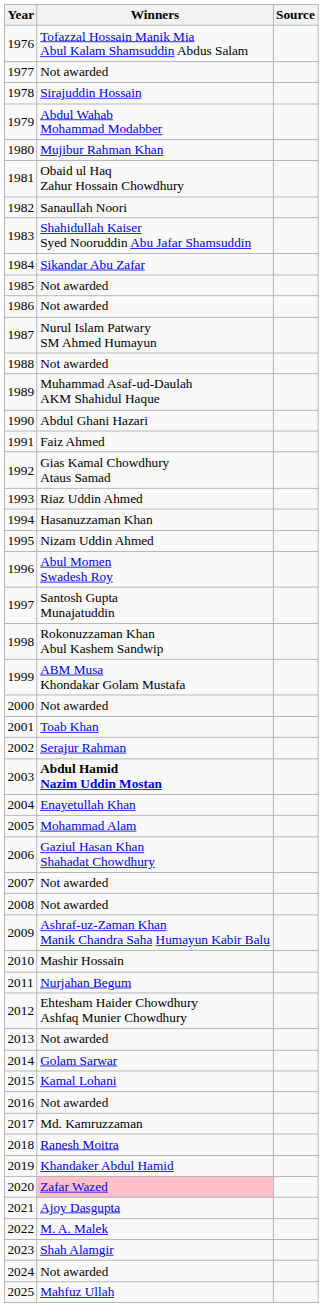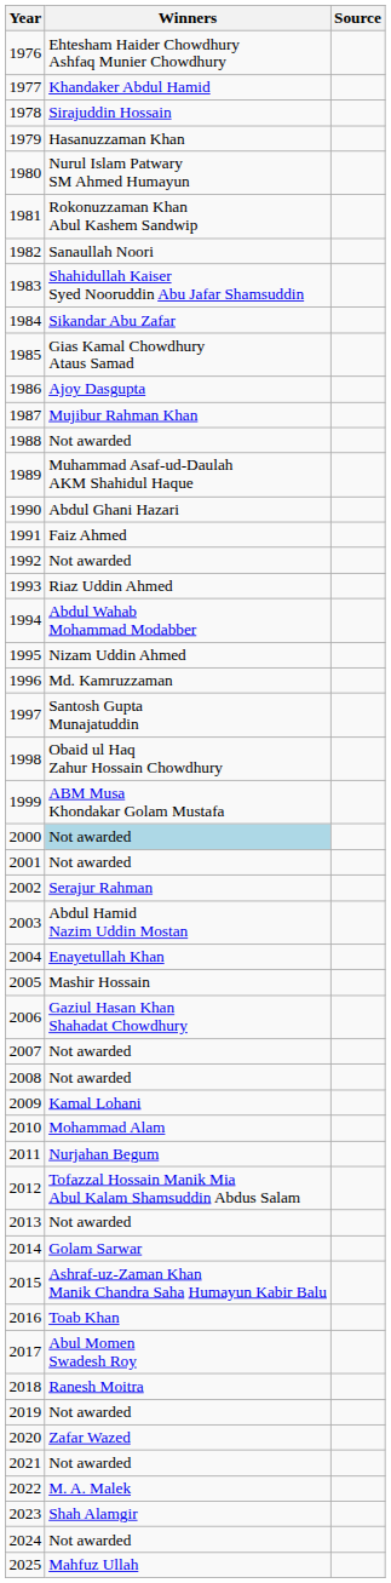 <table class="wikitable">
 <tr>
 <th>Year</th>
 <th>Winners</th>
 <th>Source</th>
 </tr>
 <tr>
 <td>1976</td>
-<td><a href='#'>Tofazzal Hossain Manik Mia</a><br><a href='#'>Abul Kalam Shamsuddin</a> Abdus Salam</td>
+<td>Ehtesham Haider Chowdhury<br>Ashfaq Munier Chowdhury</td>
 <td></td>
 </tr>
 <tr>
 <td>1977</td>
-<td>Not awarded</td>
+<td><a href='#'>Khandaker Abdul Hamid</a></td>
 <td></td>
 </tr>
 <tr>
 <td>1978</td>
 <td><a href='#'>Sirajuddin Hossain</a></td>
 <td></td>
 </tr>
 <tr>
 <td>1979</td>
-<td><a href='#'>Abdul Wahab</a><br><a href='#'>Mohammad Modabber</a></td>
+<td>Hasanuzzaman Khan</td>
 <td></td>
 </tr>
 <tr>
 <td>1980</td>
-<td><a href='#'>Mujibur Rahman Khan</a></td>
+<td>Nurul Islam Patwary<br>SM Ahmed Humayun</td>
 <td></td>
 </tr>
 <tr>
 <td>1981</td>
-<td>Obaid ul Haq<br>Zahur Hossain Chowdhury</td>
+<td>Rokonuzzaman Khan<br>Abul Kashem Sandwip</td>
 <td></td>
 </tr>
 <tr>
 <td>1982</td>
 <td>Sanaullah Noori</td>
 <td></td>
 </tr>
 <tr>
 <td>1983</td>
 <td><a href='#'>Shahidullah Kaiser</a><br>Syed Nooruddin <a href='#'>Abu Jafar Shamsuddin</a></td>
 <td></td>
 </tr>
 <tr>
 <td>1984</td>
 <td><a href='#'>Sikandar Abu Zafar</a></td>
 <td></td>
 </tr>
 <tr>
 <td>1985</td>
-<td>Not awarded</td>
+<td>Gias Kamal Chowdhury<br>Ataus Samad</td>
 <td></td>
 </tr>
 <tr>
 <td>1986</td>
-<td>Not awarded</td>
+<td><a href='#'>Ajoy Dasgupta</a></td>
 <td></td>
 </tr>
 <tr>
 <td>1987</td>
-<td>Nurul Islam Patwary<br>SM Ahmed Humayun</td>
+<td><a href='#'>Mujibur Rahman Khan</a></td>
 <td></td>
 </tr>
 <tr>
 <td>1988</td>
 <td>Not awarded</td>
 <td></td>
 </tr>
 <tr>
 <td>1989</td>
 <td>Muhammad Asaf-ud-Daulah<br>AKM Shahidul Haque</td>
 <td></td>
 </tr>
 <tr>
 <td>1990</td>
 <td>Abdul Ghani Hazari</td>
 <td></td>
 </tr>
 <tr>
 <td>1991</td>
 <td>Faiz Ahmed</td>
 <td></td>
 </tr>
 <tr>
 <td>1992</td>
-<td>Gias Kamal Chowdhury<br>Ataus Samad</td>
+<td>Not awarded</td>
 <td></td>
 </tr>
 <tr>
 <td>1993</td>
 <td>Riaz Uddin Ahmed</td>
 <td></td>
 </tr>
 <tr>
 <td>1994</td>
-<td>Hasanuzzaman Khan</td>
+<td><a href='#'>Abdul Wahab</a><br><a href='#'>Mohammad Modabber</a></td>
 <td></td>
 </tr>
 <tr>
 <td>1995</td>
 <td>Nizam Uddin Ahmed</td>
 <td></td>
 </tr>
 <tr>
 <td>1996</td>
-<td><a href='#'>Abul Momen</a><br><a href='#'>Swadesh Roy</a></td>
+<td>Md. Kamruzzaman</td>
 <td></td>
 </tr>
 <tr>
 <td>1997</td>
 <td>Santosh Gupta<br>Munajatuddin</td>
 <td></td>
 </tr>
 <tr>
 <td>1998</td>
-<td>Rokonuzzaman Khan<br>Abul Kashem Sandwip</td>
+<td>Obaid ul Haq<br>Zahur Hossain Chowdhury</td>
 <td></td>
 </tr>
 <tr>
 <td>1999</td>
 <td><a href='#'>ABM Musa</a><br>Khondakar Golam Mustafa</td>
 <td></td>
 </tr>
 <tr>
 <td>2000</td>
-<td>Not awarded</td>
+<td style="background: lightblue;">Not awarded</td>
 <td></td>
 </tr>
 <tr>
 <td>2001</td>
-<td><a href='#'>Toab Khan</a></td>
+<td>Not awarded</td>
 <td></td>
 </tr>
 <tr>
 <td>2002</td>
 <td><a href='#'>Serajur Rahman</a></td>
 <td></td>
 </tr>
 <tr>
 <td>2003</td>
-<td><strong>Abdul Hamid<br><a href='#'>Nazim Uddin Mostan</a></strong></td>
+<td>Abdul Hamid<br><a href='#'>Nazim Uddin Mostan</a></td>
 <td></td>
 </tr>
 <tr>
 <td>2004</td>
 <td><a href='#'>Enayetullah Khan</a></td>
 <td></td>
 </tr>
 <tr>
 <td>2005</td>
-<td><a href='#'>Mohammad Alam</a></td>
+<td>Mashir Hossain</td>
 <td></td>
 </tr>
 <tr>
 <td>2006</td>
 <td><a href='#'>Gaziul Hasan Khan</a><br><a href='#'>Shahadat Chowdhury</a></td>
 <td></td>
 </tr>
 <tr>
 <td>2007</td>
 <td>Not awarded</td>
 <td></td>
 </tr>
 <tr>
 <td>2008</td>
 <td>Not awarded</td>
 <td></td>
 </tr>
 <tr>
 <td>2009</td>
-<td><a href='#'>Ashraf-uz-Zaman Khan</a><br><a href='#'>Manik Chandra Saha</a> <a href='#'>Humayun Kabir Balu</a></td>
+<td><a href='#'>Kamal Lohani</a></td>
 <td></td>
 </tr>
 <tr>
 <td>2010</td>
-<td>Mashir Hossain</td>
+<td><a href='#'>Mohammad Alam</a></td>
 <td></td>
 </tr>
 <tr>
 <td>2011</td>
 <td><a href='#'>Nurjahan Begum</a></td>
 <td></td>
 </tr>
 <tr>
 <td>2012</td>
-<td>Ehtesham Haider Chowdhury<br>Ashfaq Munier Chowdhury</td>
+<td><a href='#'>Tofazzal Hossain Manik Mia</a><br><a href='#'>Abul Kalam Shamsuddin</a> Abdus Salam</td>
 <td></td>
 </tr>
 <tr>
 <td>2013</td>
 <td>Not awarded</td>
 <td></td>
 </tr>
 <tr>
 <td>2014</td>
 <td><a href='#'>Golam Sarwar</a></td>
 <td></td>
 </tr>
 <tr>
 <td>2015</td>
-<td><a href='#'>Kamal Lohani</a></td>
+<td><a href='#'>Ashraf-uz-Zaman Khan</a><br><a href='#'>Manik Chandra Saha</a> <a href='#'>Humayun Kabir Balu</a></td>
 <td></td>
 </tr>
 <tr>
 <td>2016</td>
-<td>Not awarded</td>
+<td><a href='#'>Toab Khan</a></td>
 <td></td>
 </tr>
 <tr>
 <td>2017</td>
-<td>Md. Kamruzzaman</td>
+<td><a href='#'>Abul Momen</a><br><a href='#'>Swadesh Roy</a></td>
 <td></td>
 </tr>
 <tr>
 <td>2018</td>
 <td><a href='#'>Ranesh Moitra</a></td>
 <td></td>
 </tr>
 <tr>
 <td>2019</td>
-<td><a href='#'>Khandaker Abdul Hamid</a></td>
+<td>Not awarded</td>
 <td></td>
 </tr>
 <tr>
 <td>2020</td>
-<td style="background: pink;"><a href='#'>Zafar Wazed</a></td>
+<td><a href='#'>Zafar Wazed</a></td>
 <td></td>
 </tr>
 <tr>
 <td>2021</td>
-<td><a href='#'>Ajoy Dasgupta</a></td>
+<td>Not awarded</td>
 <td></td>
 </tr>
 <tr>
 <td>2022</td>
 <td><a href='#'>M. A. Malek</a></td>
 <td></td>
 </tr>
 <tr>
 <td>2023</td>
 <td><a href='#'>Shah Alamgir</a></td>
 <td></td>
 </tr>
 <tr>
 <td>2024</td>
 <td>Not awarded</td>
 <td></td>
 </tr>
 <tr>
 <td>2025</td>
 <td><a href='#'>Mahfuz Ullah</a></td>
 <td></td>
 </tr>
 </table>
